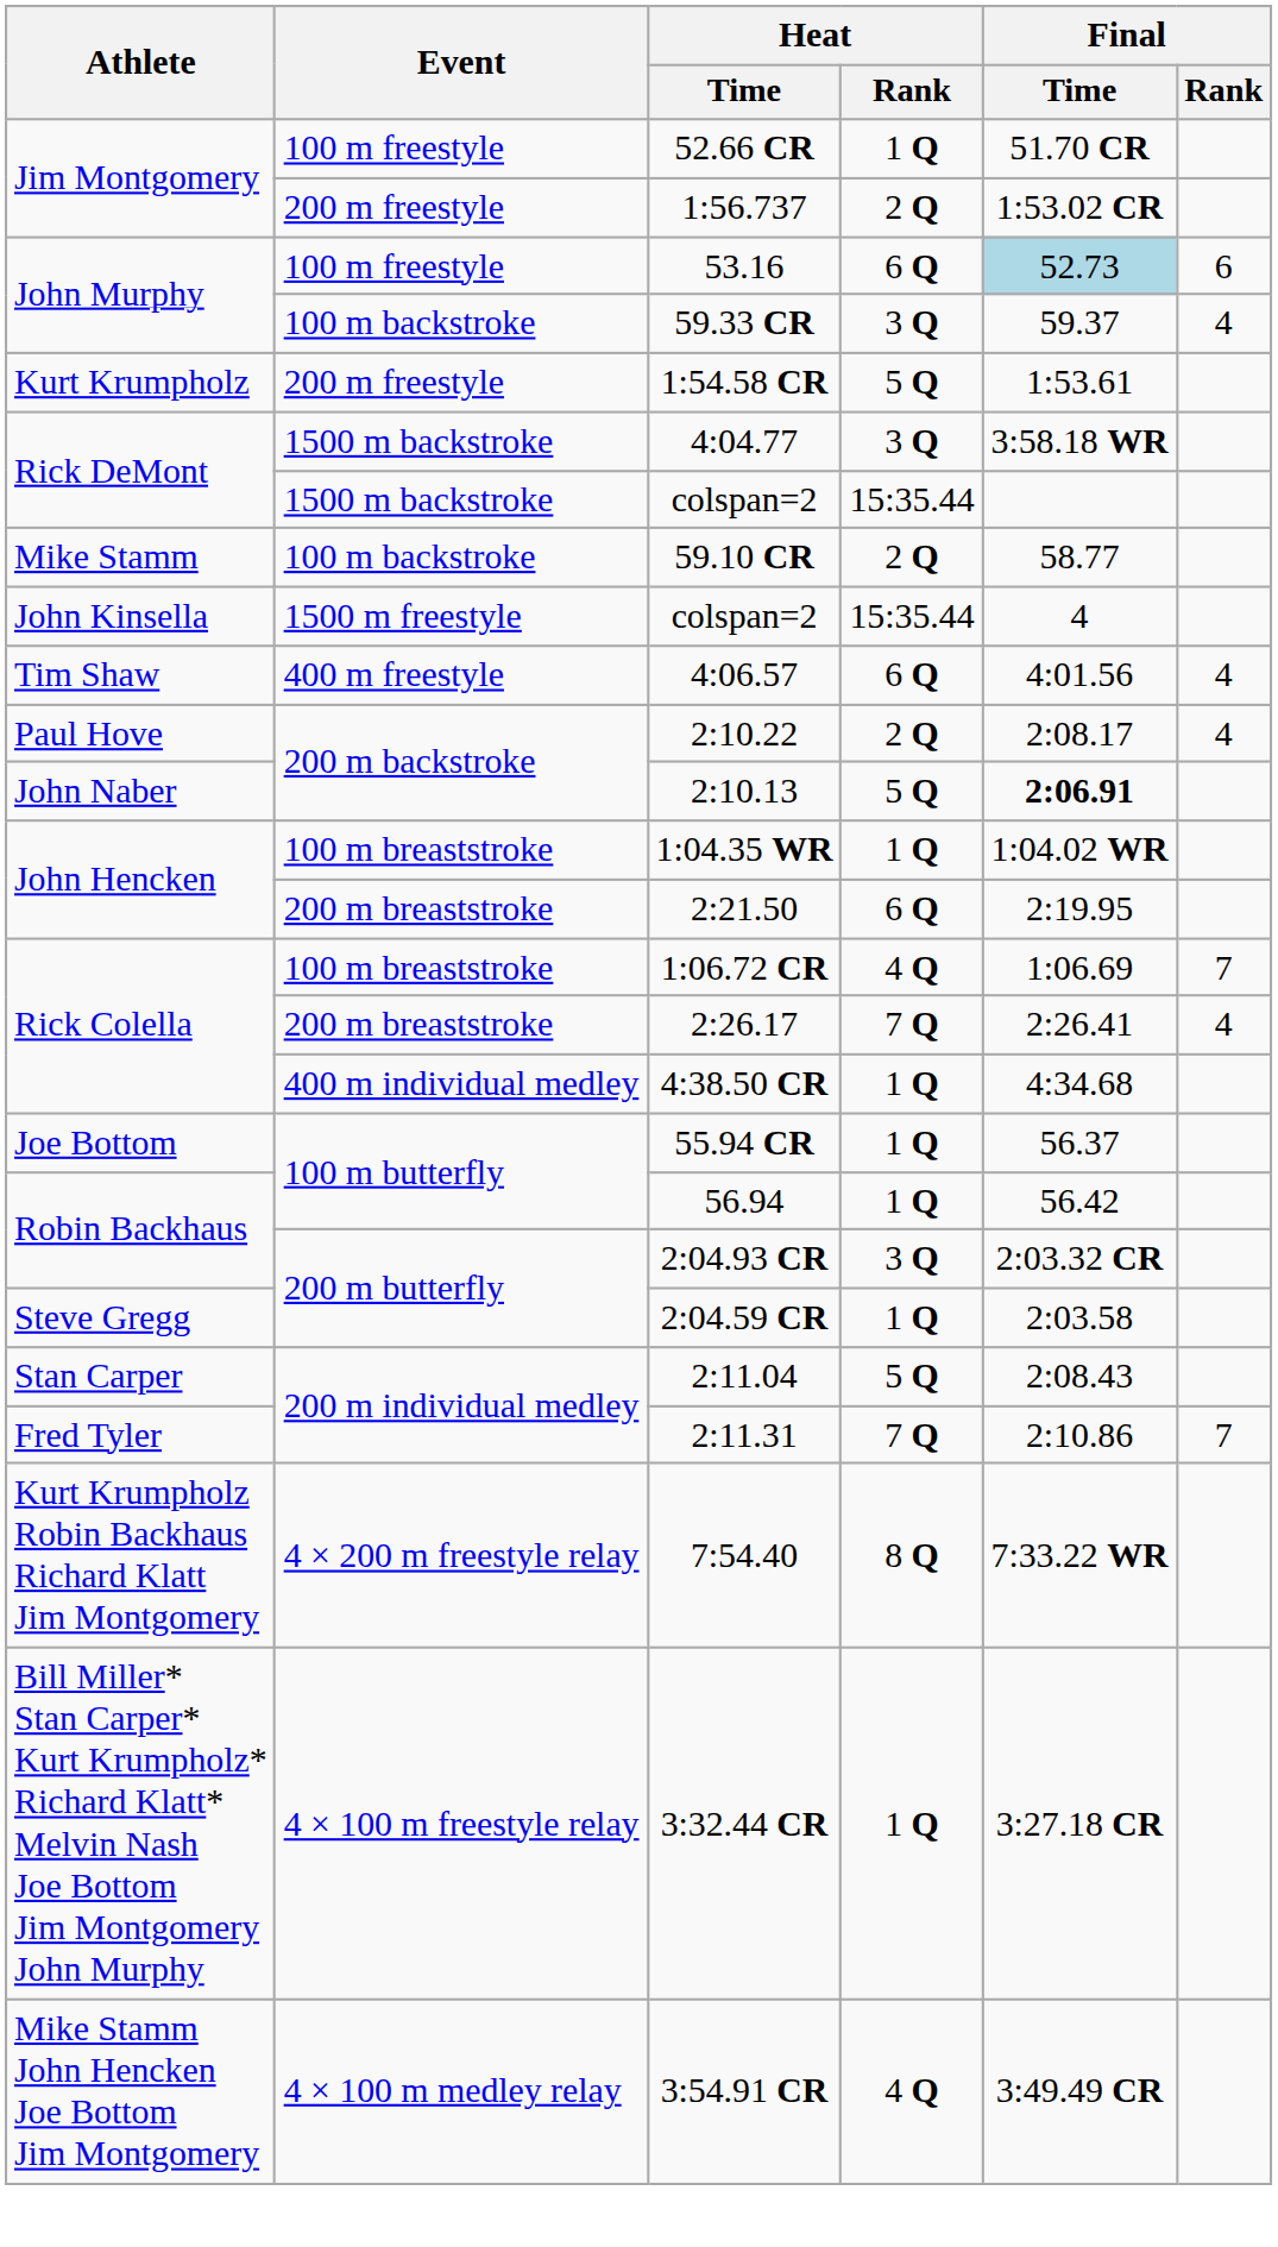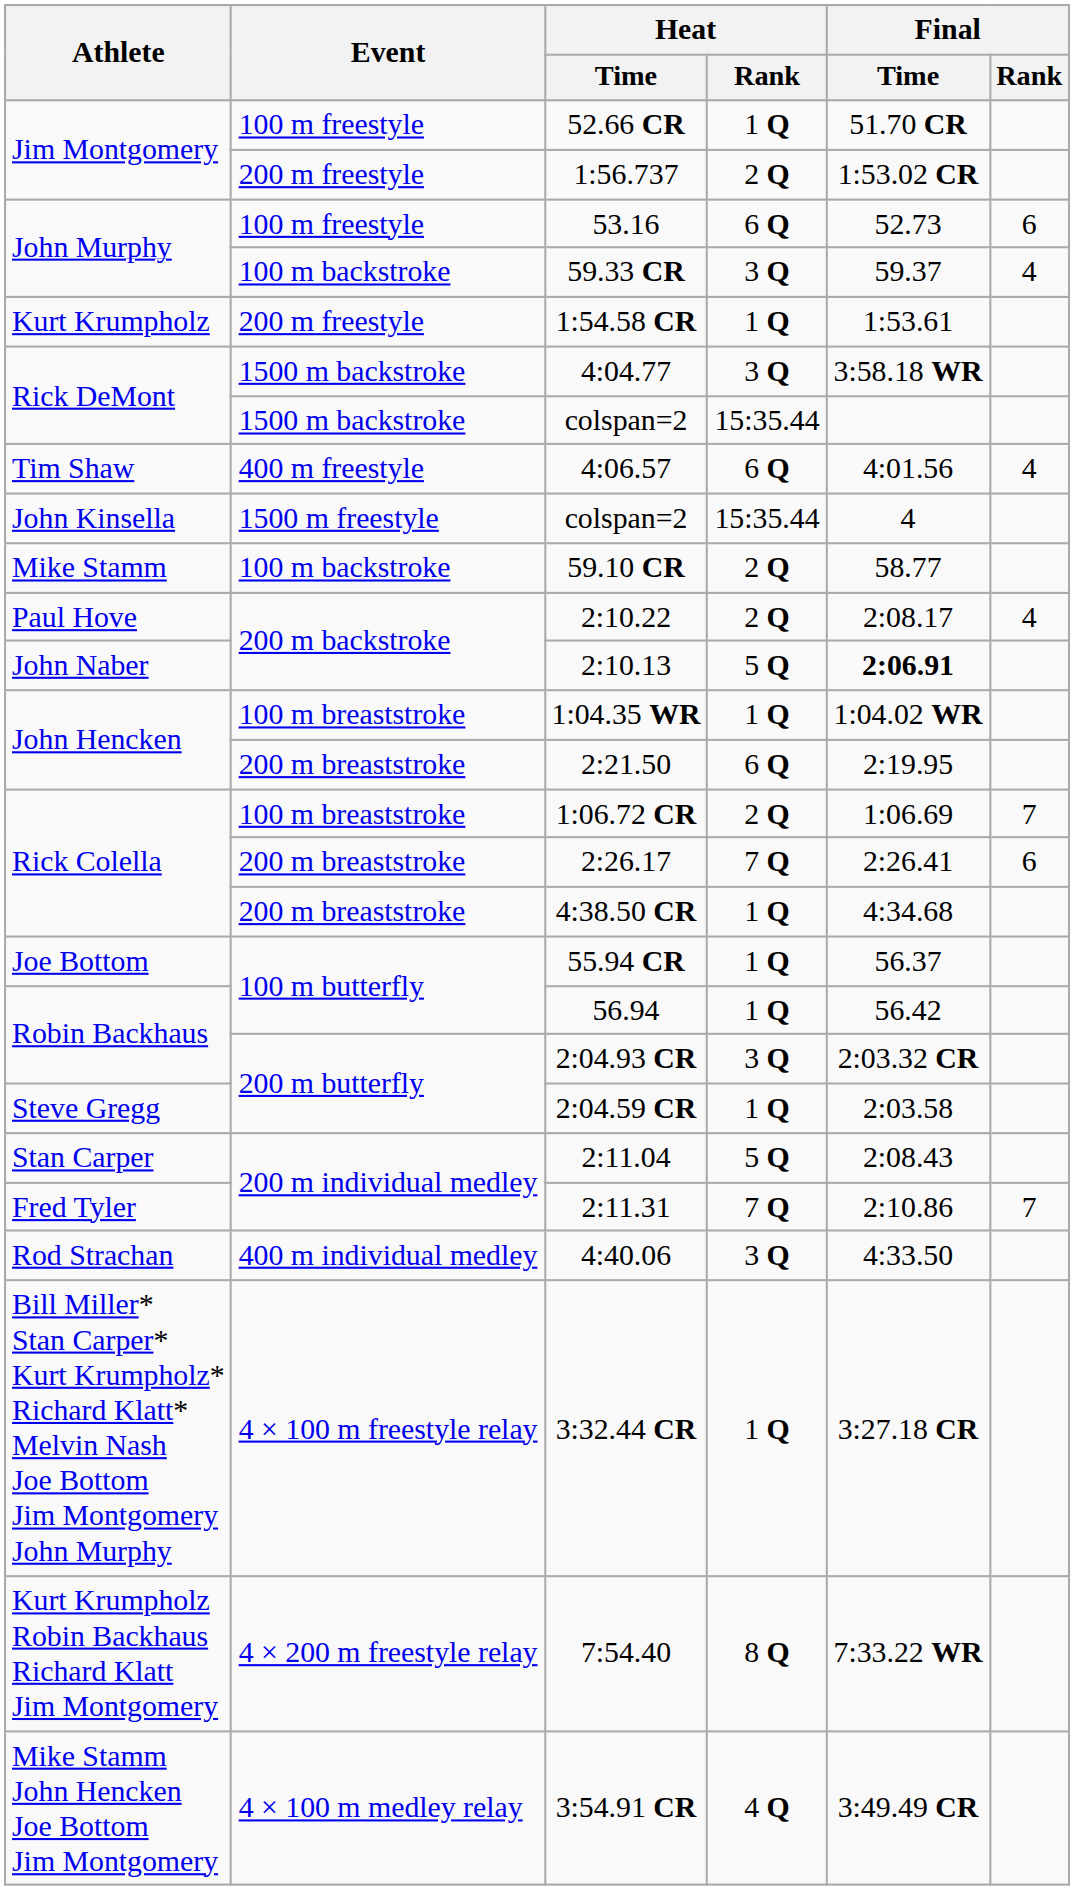 <table class="wikitable" style="text-align:center; font-size:90%">
 <tr>
 <th rowspan="2">Athlete</th>
 <th rowspan="2">Event</th>
 <th colspan="2">Heat</th>
 <th colspan="2">Final</th>
 </tr>
 <tr style="font-size:95%">
 <th>Time</th>
 <th>Rank</th>
 <th>Time</th>
 <th>Rank</th>
 </tr>
 <tr>
 <td align=left rowspan=2><a href='#'>Jim Montgomery</a></td>
 <td align=left><a href='#'>100 m freestyle</a></td>
 <td>52.66 <strong>CR</strong></td>
 <td>1 <strong>Q</strong></td>
 <td>51.70 <strong>CR</strong></td>
 <td></td>
 </tr>
 <tr>
 <td align=left><a href='#'>200 m freestyle</a></td>
 <td>1:56.737</td>
 <td>2 <strong>Q</strong></td>
 <td>1:53.02 <strong>CR</strong></td>
 <td></td>
 </tr>
 <tr>
 <td align=left rowspan=2><a href='#'>John Murphy</a></td>
 <td align=left><a href='#'>100 m freestyle</a></td>
 <td>53.16</td>
 <td>6 <strong>Q</strong></td>
-<td style="background: lightblue;">52.73</td>
+<td>52.73</td>
 <td>6</td>
 </tr>
 <tr>
 <td align=left><a href='#'>100 m backstroke</a></td>
 <td>59.33 <strong>CR</strong></td>
 <td>3 <strong>Q</strong></td>
 <td>59.37</td>
 <td>4</td>
 </tr>
 <tr>
 <td align=left><a href='#'>Kurt Krumpholz</a></td>
 <td align=left><a href='#'>200 m freestyle</a></td>
 <td>1:54.58 <strong>CR</strong></td>
-<td>5 <strong>Q</strong></td>
+<td>1 <strong>Q</strong></td>
 <td>1:53.61</td>
 <td></td>
 </tr>
 <tr>
 <td align=left rowspan=2><a href='#'>Rick DeMont</a></td>
 <td align=left><a href='#'>1500 m backstroke</a></td>
 <td>4:04.77</td>
 <td>3 <strong>Q</strong></td>
 <td>3:58.18 <strong>WR</strong></td>
 <td></td>
 </tr>
 <tr>
 <td align=left><a href='#'>1500 m backstroke</a></td>
 <td>colspan=2 </td>
 <td>15:35.44</td>
 <td></td>
 </tr>
 <tr>
-<td align=left><a href='#'>Mike Stamm</a></td>
-<td align=left><a href='#'>100 m backstroke</a></td>
-<td>59.10 <strong>CR</strong></td>
-<td>2 <strong>Q</strong></td>
-<td>58.77</td>
-<td></td>
+<td align=left><a href='#'>Tim Shaw</a></td>
+<td align=left><a href='#'>400 m freestyle</a></td>
+<td>4:06.57</td>
+<td>6 <strong>Q</strong></td>
+<td>4:01.56</td>
+<td>4</td>
 </tr>
 <tr>
 <td align=left><a href='#'>John Kinsella</a></td>
 <td align=left><a href='#'>1500 m freestyle</a></td>
 <td>colspan=2 </td>
 <td>15:35.44</td>
 <td>4</td>
 </tr>
 <tr>
-<td align=left><a href='#'>Tim Shaw</a></td>
-<td align=left><a href='#'>400 m freestyle</a></td>
-<td>4:06.57</td>
-<td>6 <strong>Q</strong></td>
-<td>4:01.56</td>
-<td>4</td>
+<td align=left><a href='#'>Mike Stamm</a></td>
+<td align=left><a href='#'>100 m backstroke</a></td>
+<td>59.10 <strong>CR</strong></td>
+<td>2 <strong>Q</strong></td>
+<td>58.77</td>
+<td></td>
 </tr>
 <tr>
 <td align=left><a href='#'>Paul Hove</a></td>
 <td align=left rowspan=2><a href='#'>200 m backstroke</a></td>
 <td>2:10.22</td>
 <td>2 <strong>Q</strong></td>
 <td>2:08.17</td>
 <td>4</td>
 </tr>
 <tr>
 <td align=left><a href='#'>John Naber</a></td>
 <td>2:10.13</td>
 <td>5 <strong>Q</strong></td>
 <td><strong>2:06.91</strong></td>
 <td></td>
 </tr>
 <tr>
 <td align=left rowspan=2><a href='#'>John Hencken</a></td>
 <td align=left><a href='#'>100 m breaststroke</a></td>
 <td>1:04.35 <strong>WR</strong></td>
 <td>1 <strong>Q</strong></td>
 <td>1:04.02 <strong>WR</strong></td>
 <td></td>
 </tr>
 <tr>
 <td align=left><a href='#'>200 m breaststroke</a></td>
 <td>2:21.50</td>
 <td>6 <strong>Q</strong></td>
 <td>2:19.95</td>
 <td></td>
 </tr>
 <tr>
 <td align=left rowspan=3><a href='#'>Rick Colella</a></td>
 <td align=left><a href='#'>100 m breaststroke</a></td>
 <td>1:06.72 <strong>CR</strong></td>
-<td>4 <strong>Q</strong></td>
+<td>2 <strong>Q</strong></td>
 <td>1:06.69</td>
 <td>7</td>
 </tr>
 <tr>
 <td align=left><a href='#'>200 m breaststroke</a></td>
 <td>2:26.17</td>
 <td>7 <strong>Q</strong></td>
 <td>2:26.41</td>
-<td>4</td>
+<td>6</td>
 </tr>
 <tr>
-<td align=left><a href='#'>400 m individual medley</a></td>
+<td align=left><a href='#'>200 m breaststroke</a></td>
 <td>4:38.50 <strong>CR</strong></td>
 <td>1 <strong>Q</strong></td>
 <td>4:34.68</td>
 <td></td>
 </tr>
 <tr>
 <td align=left><a href='#'>Joe Bottom</a></td>
 <td align=left rowspan=2><a href='#'>100 m butterfly</a></td>
 <td>55.94 <strong>CR</strong></td>
 <td>1 <strong>Q</strong></td>
 <td>56.37</td>
 <td></td>
 </tr>
 <tr>
 <td align=left rowspan=2><a href='#'>Robin Backhaus</a></td>
 <td>56.94</td>
 <td>1 <strong>Q</strong></td>
 <td>56.42</td>
 <td></td>
 </tr>
 <tr>
 <td align=left rowspan=2><a href='#'>200 m butterfly</a></td>
 <td>2:04.93 <strong>CR</strong></td>
 <td>3 <strong>Q</strong></td>
 <td>2:03.32 <strong>CR</strong></td>
 <td></td>
 </tr>
 <tr>
 <td align=left><a href='#'>Steve Gregg</a></td>
 <td>2:04.59 <strong>CR</strong></td>
 <td>1 <strong>Q</strong></td>
 <td>2:03.58</td>
 <td></td>
 </tr>
 <tr>
 <td align=left><a href='#'>Stan Carper</a></td>
 <td align=left rowspan=2><a href='#'>200 m individual medley</a></td>
 <td>2:11.04</td>
 <td>5 <strong>Q</strong></td>
 <td>2:08.43</td>
 <td></td>
 </tr>
 <tr>
 <td align=left><a href='#'>Fred Tyler</a></td>
 <td>2:11.31</td>
 <td>7 <strong>Q</strong></td>
 <td>2:10.86</td>
 <td>7</td>
 </tr>
 <tr>
-<td align=left><a href='#'>Kurt Krumpholz</a><br><a href='#'>Robin Backhaus</a><br><a href='#'>Richard Klatt</a><br><a href='#'>Jim Montgomery</a></td>
-<td align=left><a href='#'>4 × 200 m freestyle relay</a></td>
-<td>7:54.40</td>
-<td>8 <strong>Q</strong></td>
-<td>7:33.22 <strong>WR</strong></td>
+<td align=left><a href='#'>Rod Strachan</a></td>
+<td align=left><a href='#'>400 m individual medley</a></td>
+<td>4:40.06</td>
+<td>3 <strong>Q</strong></td>
+<td>4:33.50</td>
 <td></td>
 </tr>
 <tr>
 <td align=left><a href='#'>Bill Miller</a>*<br><a href='#'>Stan Carper</a>*<br><a href='#'>Kurt Krumpholz</a>*<br><a href='#'>Richard Klatt</a>*<br><a href='#'>Melvin Nash</a><br><a href='#'>Joe Bottom</a><br><a href='#'>Jim Montgomery</a><br><a href='#'>John Murphy</a></td>
 <td align=left><a href='#'>4 × 100 m freestyle relay</a></td>
 <td>3:32.44 <strong>CR</strong></td>
 <td>1 <strong>Q</strong></td>
 <td>3:27.18 <strong>CR</strong></td>
 <td></td>
 </tr>
 <tr>
+<td align=left><a href='#'>Kurt Krumpholz</a><br><a href='#'>Robin Backhaus</a><br><a href='#'>Richard Klatt</a><br><a href='#'>Jim Montgomery</a></td>
+<td align=left><a href='#'>4 × 200 m freestyle relay</a></td>
+<td>7:54.40</td>
+<td>8 <strong>Q</strong></td>
+<td>7:33.22 <strong>WR</strong></td>
+<td></td>
+</tr>
+<tr>
 <td align=left><a href='#'>Mike Stamm</a><br><a href='#'>John Hencken</a><br><a href='#'>Joe Bottom</a><br><a href='#'>Jim Montgomery</a></td>
 <td align=left><a href='#'>4 × 100 m medley relay</a></td>
 <td>3:54.91 <strong>CR</strong></td>
 <td>4 <strong>Q</strong></td>
 <td>3:49.49 <strong>CR</strong></td>
 <td></td>
 </tr>
 </table>
